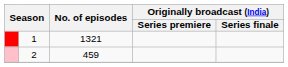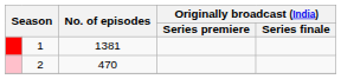 <table class="wikitable" style="text-align:center">
 <tr>
 <th style="padding: 0 8px" colspan="2" rowspan="2">Season</th>
 <th style="padding: 0 8px" rowspan="2">No. of episodes</th>
 <th colspan="2">Originally broadcast <small>(<a href='#'>India</a>)</small></th>
 </tr>
 <tr>
 <th style="padding: 0 8px">Series premiere</th>
 <th style="padding: 0 8px">Series finale</th>
 </tr>
 <tr>
 <td style="background:#FF0000"></td>
 <td align="center">1</td>
-<td align="center">1321</td>
+<td align="center">1381</td>
 <td align="center"></td>
 <td align="center"></td>
 </tr>
 <tr>
 <td style="background:Pink;"></td>
 <td align="center">2</td>
-<td align="center">459</td>
+<td align="center">470</td>
 <td align="center"></td>
 <td align="center"></td>
 </tr>
 <tr>
 </tr>
 </table>
